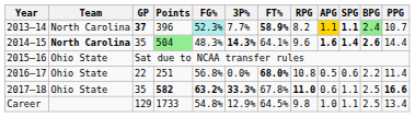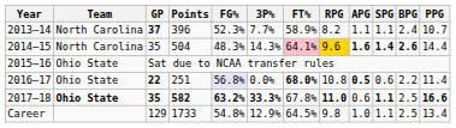 <table class="wikitable">
 <tr>
 <th>Year</th>
 <th>Team</th>
 <th>GP</th>
 <th>Points</th>
 <th>FG%</th>
 <th>3P%</th>
 <th>FT%</th>
 <th>RPG</th>
 <th>APG</th>
 <th>SPG</th>
 <th>BPG</th>
 <th>PPG</th>
 </tr>
 <tr>
 <td>2013–14</td>
 <td>North Carolina</td>
 <td><strong>37</strong></td>
 <td>396</td>
-<td style="background: paleturquoise;">52.3%</td>
+<td>52.3%</td>
 <td>7.7%</td>
-<td><strong>58.9%</strong></td>
+<td>58.9%</td>
 <td>8.2</td>
-<td style="background: gold;">1.1</td>
-<td><strong>1.1</strong></td>
-<td style="background: lightgreen;">2.4</td>
+<td>1.1</td>
+<td>1.1</td>
+<td>2.4</td>
 <td>10.7</td>
 </tr>
 <tr>
 <td>2014–15</td>
-<td><strong>North Carolina</strong></td>
+<td>North Carolina</td>
 <td>35</td>
-<td style="background: lightgreen;">504</td>
+<td>504</td>
 <td>48.3%</td>
-<td><strong>14.3%</strong></td>
-<td>64.1%</td>
-<td>9.6</td>
+<td>14.3%</td>
+<td style="background: pink;">64.1%</td>
+<td style="background: gold;">9.6</td>
 <td><strong>1.6</strong></td>
 <td><strong>1.4</strong></td>
 <td><strong>2.6</strong></td>
 <td>14.4</td>
 </tr>
 <tr>
 <td>2015–16</td>
 <td>Ohio State</td>
 <td colspan="10">Sat due to NCAA transfer rules</td>
 </tr>
 <tr>
 <td>2016–17</td>
 <td>Ohio State</td>
-<td>22</td>
+<td><strong>22</strong></td>
 <td>251</td>
-<td>56.8%</td>
+<td style="background: lavender;">56.8%</td>
 <td>0.0%</td>
 <td><strong>68.0%</strong></td>
 <td>10.8</td>
-<td>0.5</td>
+<td><strong>0.5</strong></td>
 <td>0.6</td>
 <td>2.2</td>
 <td>11.4</td>
 </tr>
 <tr>
 <td>2017–18</td>
-<td>Ohio State</td>
-<td>35</td>
+<td><strong>Ohio State</strong></td>
+<td><strong>35</strong></td>
 <td><strong>582</strong></td>
 <td><strong>63.2%</strong></td>
 <td><strong>33.3%</strong></td>
 <td>67.8%</td>
 <td><strong>11.0</strong></td>
 <td>0.6</td>
-<td>1.1</td>
+<td><strong>1.1</strong></td>
 <td>2.5</td>
 <td><strong>16.6</strong></td>
 </tr>
 <tr>
 <td>Career</td>
 <td></td>
 <td>129</td>
 <td>1733</td>
 <td>54.8%</td>
 <td>12.9%</td>
 <td>64.5%</td>
 <td>9.8</td>
 <td>1.0</td>
 <td>1.1</td>
 <td>2.5</td>
 <td>13.4</td>
 </tr>
 </table>
